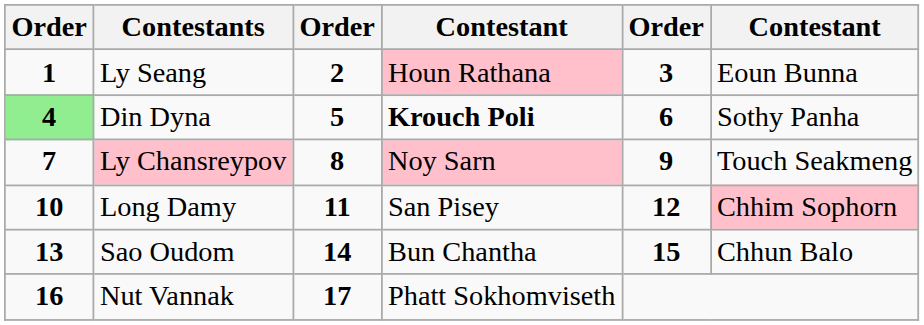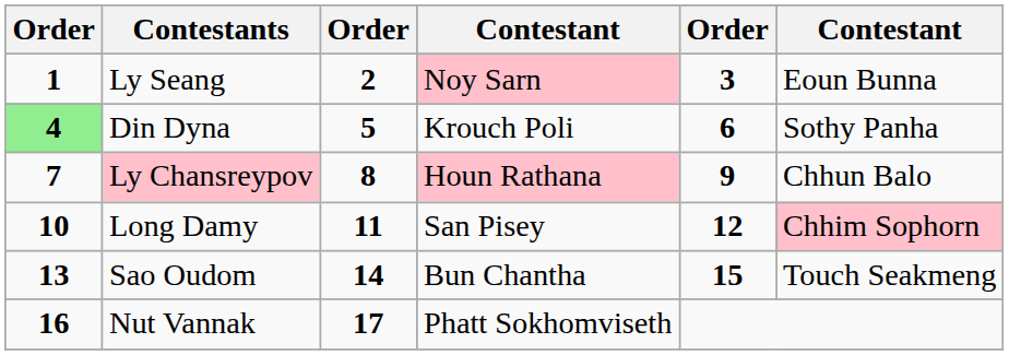 <table class="wikitable">
 <tr>
 <th>Order</th>
 <th>Contestants</th>
 <th>Order</th>
 <th>Contestant</th>
 <th>Order</th>
 <th>Contestant</th>
 </tr>
 <tr>
 <td align="center"><strong>1</strong></td>
 <td>Ly Seang</td>
 <td align="center"><strong>2</strong></td>
-<td style="background:pink">Houn Rathana</td>
+<td style="background:pink">Noy Sarn</td>
 <td align="center"><strong>3</strong></td>
 <td>Eoun Bunna</td>
 </tr>
 <tr>
 <td align="center" style="background: lightgreen;"><strong>4</strong></td>
 <td>Din Dyna</td>
 <td align="center"><strong>5</strong></td>
-<td><strong>Krouch Poli</strong></td>
+<td>Krouch Poli</td>
 <td align="center"><strong>6</strong></td>
 <td>Sothy Panha</td>
 </tr>
 <tr>
 <td align="center"><strong>7</strong></td>
 <td style="background:pink">Ly Chansreypov</td>
 <td align="center"><strong>8</strong></td>
-<td style="background:pink">Noy Sarn</td>
+<td style="background:pink">Houn Rathana</td>
 <td align="center"><strong>9</strong></td>
-<td>Touch Seakmeng</td>
+<td>Chhun Balo</td>
 </tr>
 <tr>
 <td align="center"><strong>10</strong></td>
 <td>Long Damy</td>
 <td align="center"><strong>11</strong></td>
 <td>San Pisey</td>
 <td align="center"><strong>12</strong></td>
 <td style="background:pink">Chhim Sophorn</td>
 </tr>
 <tr>
 <td align="center"><strong>13</strong></td>
 <td>Sao Oudom</td>
 <td align="center"><strong>14</strong></td>
 <td>Bun Chantha</td>
 <td align="center"><strong>15</strong></td>
-<td>Chhun Balo</td>
+<td>Touch Seakmeng</td>
 </tr>
 <tr>
 <td align="center"><strong>16</strong></td>
 <td>Nut Vannak</td>
 <td align="center"><strong>17</strong></td>
 <td>Phatt Sokhomviseth</td>
 </tr>
 </table>
